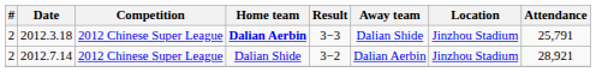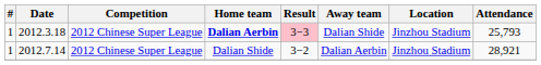 <table class="wikitable" style="text-align:center">
 <tr>
 <th>#</th>
 <th>Date</th>
 <th>Competition</th>
 <th>Home team</th>
 <th>Result</th>
 <th>Away team</th>
 <th>Location</th>
 <th>Attendance</th>
 </tr>
 <tr>
-<td>2</td>
+<td>1</td>
 <td>2012.3.18</td>
 <td><a href='#'>2012 Chinese Super League</a></td>
 <td><strong><a href='#'>Dalian Aerbin</a></strong></td>
-<td>3−3</td>
+<td style="background: pink;">3−3</td>
 <td><a href='#'>Dalian Shide</a></td>
 <td><a href='#'>Jinzhou Stadium</a></td>
-<td>25,791</td>
+<td>25,793</td>
 </tr>
 <tr>
-<td>2</td>
+<td>1</td>
 <td>2012.7.14</td>
 <td><a href='#'>2012 Chinese Super League</a></td>
 <td><a href='#'>Dalian Shide</a></td>
 <td>3−2</td>
 <td><a href='#'>Dalian Aerbin</a></td>
 <td><a href='#'>Jinzhou Stadium</a></td>
 <td>28,921</td>
 </tr>
 <tr>
 </tr>
 </table>
